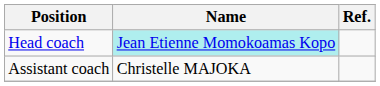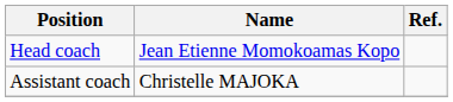 <table class="wikitable">
 <tr>
 <th>Position</th>
 <th>Name</th>
 <th>Ref.</th>
 </tr>
 <tr>
 <td><a href='#'>Head coach</a></td>
-<td style="background: paleturquoise;"><a href='#'>Jean Etienne Momokoamas Kopo</a></td>
+<td><a href='#'>Jean Etienne Momokoamas Kopo</a></td>
 </tr>
 <tr>
 <td>Assistant coach</td>
 <td>Christelle MAJOKA</td>
 <td></td>
 </tr>
 <tr>
 </tr>
 </table>
